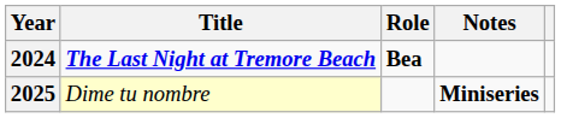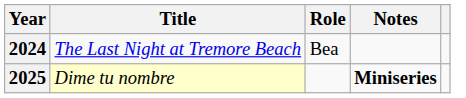 <table class="wikitable plainrowheaders sortable"  style=font-size:100%>
 <tr>
 <th scope="col">Year</th>
 <th scope="col">Title</th>
 <th scope="col">Role</th>
 <th class="unsortable">Notes</th>
 <th class="unsortable"></th>
 </tr>
 <tr>
 <th scope="row">2024</th>
-<td><strong><em><a href='#'>The Last Night at Tremore Beach</a></em></strong></td>
-<td><strong>Bea</strong></td>
+<td><em><a href='#'>The Last Night at Tremore Beach</a></em></td>
+<td>Bea</td>
 <td></td>
 <td></td>
 </tr>
 <tr>
 <th scope=row>2025</th>
 <td style="background:#FFFFCC;"><em>Dime tu nombre</em> </td>
 <td></td>
 <td><strong>Miniseries</strong></td>
 </tr>
 </table>
